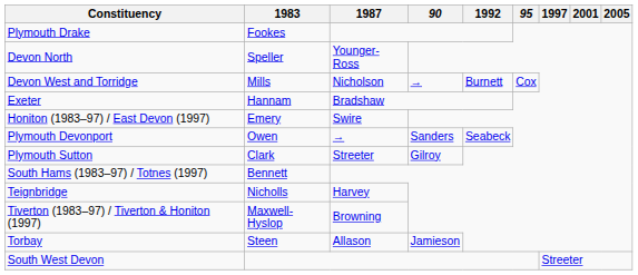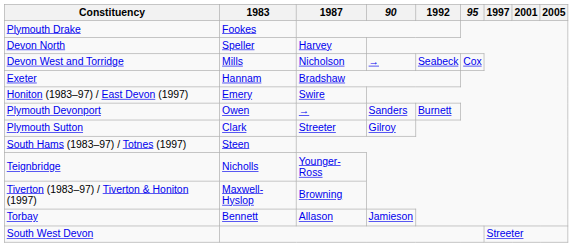 <table class="wikitable">
 <tr>
 <th>Constituency</th>
 <th>1983</th>
 <th>1987</th>
 <th><em>90</em></th>
 <th>1992</th>
 <th><em>95</em></th>
 <th>1997</th>
 <th>2001</th>
 <th>2005</th>
 </tr>
 <tr>
 <td><a href='#'>Plymouth Drake</a></td>
 <td><a href='#'>Fookes</a></td>
 <td colspan="3"></td>
 </tr>
 <tr>
 <td><a href='#'>Devon North</a></td>
 <td><a href='#'>Speller</a></td>
-<td><a href='#'>Younger-Ross</a></td>
+<td><a href='#'>Harvey</a></td>
 </tr>
 <tr>
 <td><a href='#'>Devon West and Torridge</a></td>
 <td><a href='#'>Mills</a></td>
 <td><a href='#'>Nicholson</a></td>
 <td><a href='#'>→</a></td>
-<td><a href='#'>Burnett</a></td>
+<td><a href='#'>Seabeck</a></td>
 <td><a href='#'>Cox</a></td>
 </tr>
 <tr>
 <td><a href='#'>Exeter</a></td>
 <td><a href='#'>Hannam</a></td>
 <td colspan="3"><a href='#'>Bradshaw</a></td>
 </tr>
 <tr>
 <td><a href='#'>Honiton</a> (1983–97) / <a href='#'>East Devon</a> (1997)</td>
 <td><a href='#'>Emery</a></td>
 <td><a href='#'>Swire</a></td>
 </tr>
 <tr>
 <td><a href='#'>Plymouth Devonport</a></td>
 <td><a href='#'>Owen</a></td>
 <td><a href='#'>→</a></td>
 <td><a href='#'>Sanders</a></td>
-<td><a href='#'>Seabeck</a></td>
+<td><a href='#'>Burnett</a></td>
 </tr>
 <tr>
 <td><a href='#'>Plymouth Sutton</a></td>
 <td><a href='#'>Clark</a></td>
 <td><a href='#'>Streeter</a></td>
 <td><a href='#'>Gilroy</a></td>
 </tr>
 <tr>
 <td><a href='#'>South Hams</a> (1983–97) / <a href='#'>Totnes</a> (1997)</td>
-<td><a href='#'>Bennett</a></td>
+<td><a href='#'>Steen</a></td>
 </tr>
 <tr>
 <td><a href='#'>Teignbridge</a></td>
 <td><a href='#'>Nicholls</a></td>
-<td><a href='#'>Harvey</a></td>
+<td><a href='#'>Younger-Ross</a></td>
 </tr>
 <tr>
 <td><a href='#'>Tiverton</a> (1983–97) / <a href='#'>Tiverton & Honiton</a> (1997)</td>
 <td><a href='#'>Maxwell-Hyslop</a></td>
 <td><a href='#'>Browning</a></td>
 </tr>
 <tr>
 <td><a href='#'>Torbay</a></td>
-<td><a href='#'>Steen</a></td>
+<td><a href='#'>Bennett</a></td>
 <td><a href='#'>Allason</a></td>
 <td><a href='#'>Jamieson</a></td>
 </tr>
 <tr>
 <td><a href='#'>South West Devon</a></td>
 <td colspan="5"></td>
 <td colspan="3"><a href='#'>Streeter</a></td>
 </tr>
 </table>
